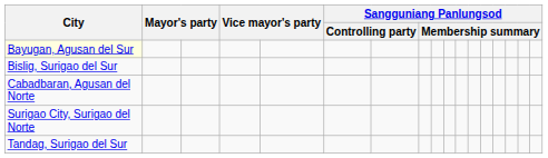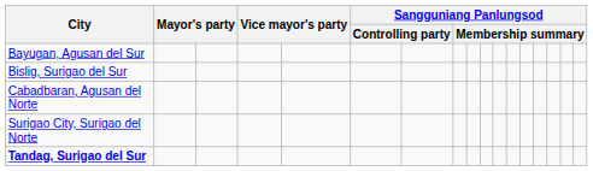 <table class="wikitable" style="font-size:95%;">
 <tr>
 <th width="180px" rowspan="2">City</th>
 <th colspan="2" rowspan="2">Mayor's party</th>
 <th colspan="2" rowspan="2">Vice mayor's party</th>
 <th colspan="15"><a href='#'>Sangguniang Panlungsod</a></th>
 </tr>
 <tr>
 <th colspan="2">Controlling party</th>
 <th colspan="13">Membership summary</th>
 </tr>
 <tr>
-<td style="background: lightyellow;"><a href='#'>Bayugan, Agusan del Sur</a></td>
+<td><a href='#'>Bayugan, Agusan del Sur</a></td>
 <td></td>
 <td></td>
 <td></td>
 <td> </td>
 <td> </td>
 <td> </td>
 <td> </td>
 <td> </td>
 <td> </td>
 <td> </td>
 <td> </td>
 <td> </td>
 <td> </td>
 <td> </td>
 <td> </td>
 <td> </td>
 </tr>
 <tr>
 <td><a href='#'>Bislig, Surigao del Sur</a></td>
 <td></td>
 <td></td>
 <td></td>
 <td style="color:inherit;background:"></td>
 <td style="color:inherit;background:"></td>
 <td style="color:inherit;background:"></td>
 <td style="color:inherit;background:"></td>
 <td style="color:inherit;background:"></td>
 <td style="color:inherit;background:"></td>
 <td style="color:inherit;background:"></td>
 <td style="color:inherit;background:"></td>
 <td style="color:inherit;background:"></td>
 <td style="color:inherit;background:"></td>
 <td style="color:inherit;background:"></td>
 <td style="color:inherit;background:"></td>
 <td style="color:inherit;background:"></td>
 </tr>
 <tr>
 <td><a href='#'>Cabadbaran, Agusan del Norte</a></td>
 <td></td>
 <td></td>
 <td></td>
 <td style="color:inherit;background:"></td>
 <td style="color:inherit;background:"></td>
 <td style="color:inherit;background:"></td>
 <td style="color:inherit;background:"></td>
 <td style="color:inherit;background:"></td>
 <td style="color:inherit;background:"></td>
 <td style="color:inherit;background:"></td>
 <td style="color:inherit;background:"></td>
 <td style="color:inherit;background:"></td>
 <td style="color:inherit;background:"></td>
 <td style="color:inherit;background:"></td>
 <td style="color:inherit;background:"></td>
 <td></td>
 </tr>
 <tr>
 <td><a href='#'>Surigao City, Surigao del Norte</a></td>
 <td></td>
 <td></td>
 <td></td>
 <td style="color:inherit;background:"></td>
 <td style="color:inherit;background:"></td>
 <td style="color:inherit;background:"></td>
 <td style="color:inherit;background:"></td>
 <td style="color:inherit;background:"></td>
 <td style="color:inherit;background:"></td>
 <td style="color:inherit;background:"></td>
 <td style="color:inherit;background:"></td>
 <td style="color:inherit;background:"></td>
 <td style="color:inherit;background:"></td>
 <td style="color:inherit;background:"></td>
 <td style="color:inherit;background:"></td>
 <td></td>
 </tr>
 <tr>
-<td><a href='#'>Tandag, Surigao del Sur</a></td>
+<td><strong><a href='#'>Tandag, Surigao del Sur</a></strong></td>
 <td></td>
 <td></td>
 <td></td>
 <td style="color:inherit;background:"></td>
 <td style="color:inherit;background:"></td>
 <td style="color:inherit;background:"></td>
 <td style="color:inherit;background:"></td>
 <td style="color:inherit;background:"></td>
 <td style="color:inherit;background:"></td>
 <td style="color:inherit;background:"></td>
 <td style="color:inherit;background:"></td>
 <td style="color:inherit;background:"></td>
 <td style="color:inherit;background:"></td>
 <td style="color:inherit;background:"></td>
 <td style="color:inherit;background:"></td>
 <td></td>
 </tr>
 </table>
